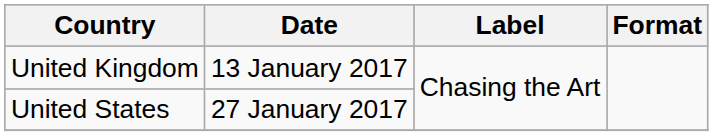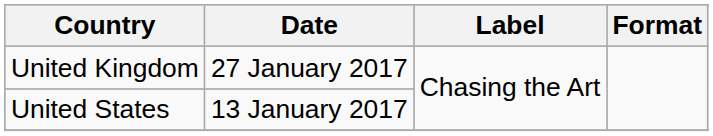 <table class="sortable wikitable">
 <tr>
 <th>Country</th>
 <th>Date</th>
 <th>Label</th>
 <th>Format</th>
 </tr>
 <tr>
 <td>United Kingdom</td>
-<td>13 January 2017</td>
+<td>27 January 2017</td>
 <td rowspan="2">Chasing the Art</td>
 <td rowspan="2"></td>
 </tr>
 <tr>
 <td>United States</td>
-<td>27 January 2017</td>
+<td>13 January 2017</td>
 </tr>
 <tr>
 </tr>
 </table>
